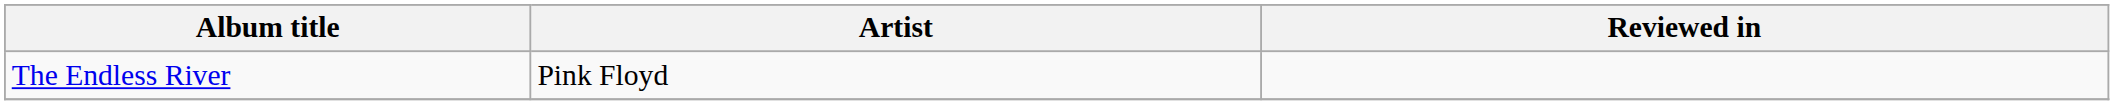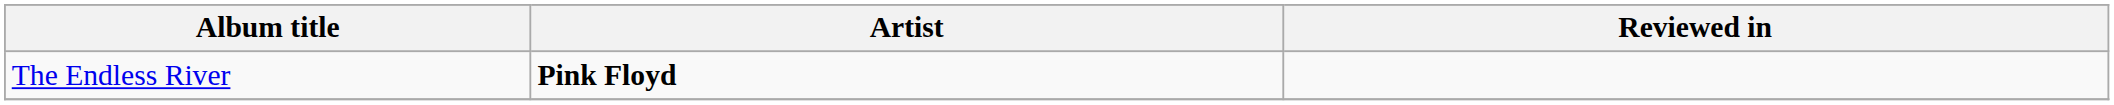 <table class='wikitable sortable' width='90%'>
 <tr>
 <th width=25%>Album title</th>
 <th>Artist</th>
 <th>Reviewed in</th>
 </tr>
 <tr>
 <td><a href='#'>The Endless River</a></td>
-<td>Pink Floyd</td>
+<td><strong>Pink Floyd</strong></td>
 <td></td>
 </tr>
 <tr>
 </tr>
 </table>
